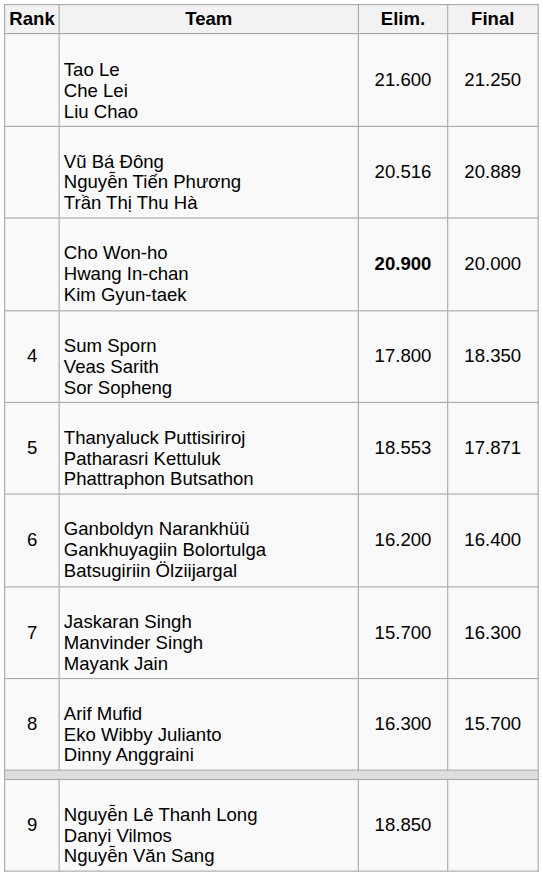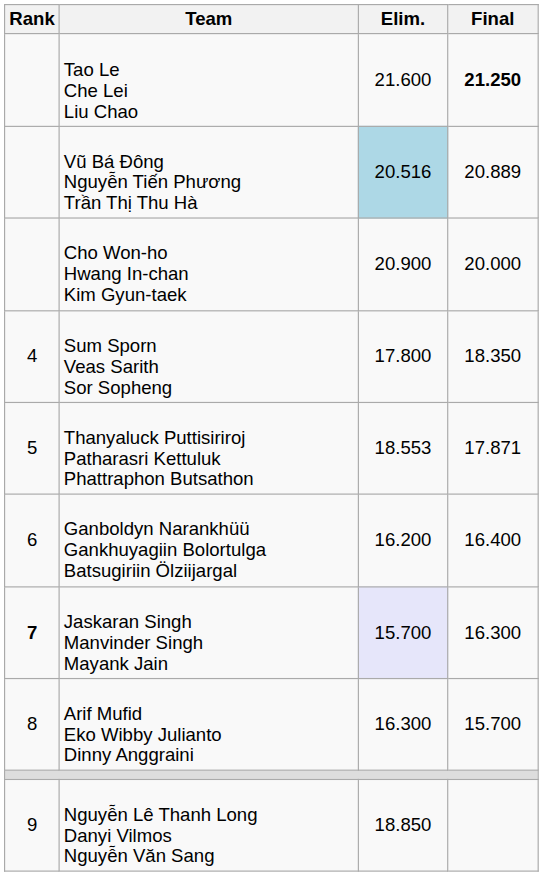 <table class=wikitable style="text-align:center">
 <tr>
 <th width=40>Rank</th>
 <th width=250>Team</th>
 <th width=70>Elim.</th>
 <th width=70>Final</th>
 </tr>
 <tr>
 <td></td>
 <td align=left><br>Tao Le<br>Che Lei<br>Liu Chao</td>
 <td>21.600</td>
-<td>21.250</td>
+<td><strong>21.250</strong></td>
 </tr>
 <tr>
 <td></td>
 <td align=left><br>Vũ Bá Đông<br>Nguyễn Tiến Phương<br>Trần Thị Thu Hà</td>
-<td>20.516</td>
+<td style="background: lightblue;">20.516</td>
 <td>20.889</td>
 </tr>
 <tr>
 <td></td>
 <td align=left><br>Cho Won-ho<br>Hwang In-chan<br>Kim Gyun-taek</td>
-<td><strong>20.900</strong></td>
+<td>20.900</td>
 <td>20.000</td>
 </tr>
 <tr>
 <td>4</td>
 <td align=left><br>Sum Sporn<br>Veas Sarith<br>Sor Sopheng</td>
 <td>17.800</td>
 <td>18.350</td>
 </tr>
 <tr>
 <td>5</td>
 <td align=left><br>Thanyaluck Puttisiriroj<br>Patharasri Kettuluk<br>Phattraphon Butsathon</td>
 <td>18.553</td>
 <td>17.871</td>
 </tr>
 <tr>
 <td>6</td>
 <td align=left><br>Ganboldyn Narankhüü<br>Gankhuyagiin Bolortulga<br>Batsugiriin Ölziijargal</td>
 <td>16.200</td>
 <td>16.400</td>
 </tr>
 <tr>
-<td>7</td>
+<td><strong>7</strong></td>
 <td align=left><br>Jaskaran Singh<br>Manvinder Singh<br>Mayank Jain</td>
-<td>15.700</td>
+<td style="background: lavender;">15.700</td>
 <td>16.300</td>
 </tr>
 <tr>
 <td>8</td>
 <td align=left><br>Arif Mufid<br>Eko Wibby Julianto<br>Dinny Anggraini</td>
 <td>16.300</td>
 <td>15.700</td>
 </tr>
 <tr bgcolor=#DDDDDD>
 <td colspan=4></td>
 </tr>
 <tr>
 <td>9</td>
 <td align=left><br>Nguyễn Lê Thanh Long<br>Danyi Vilmos<br>Nguyễn Văn Sang</td>
 <td>18.850</td>
 <td></td>
 </tr>
 </table>
